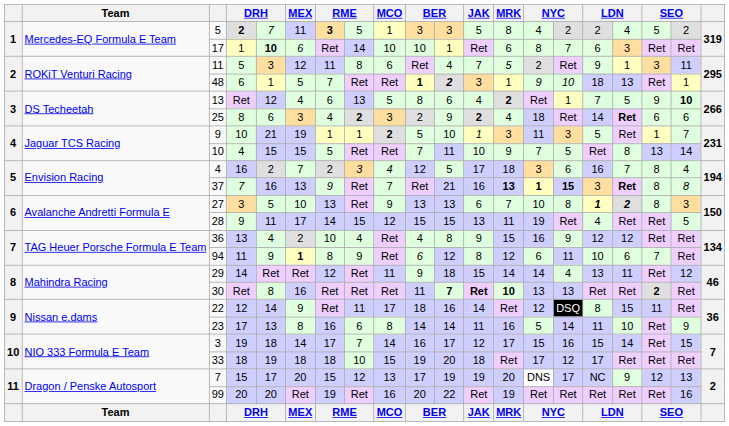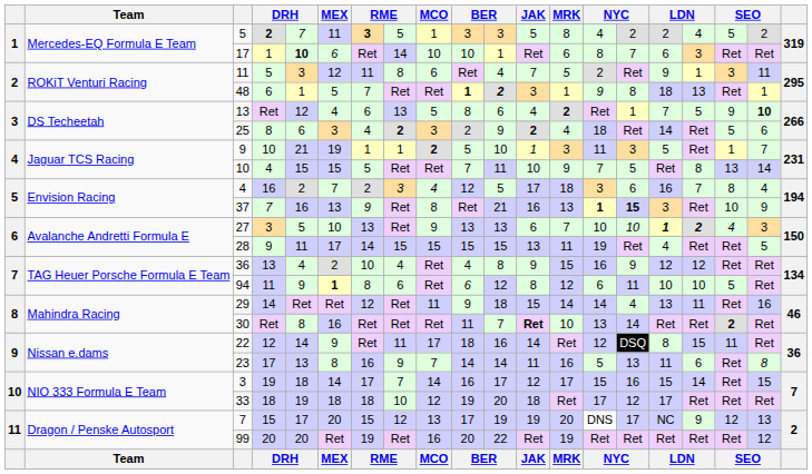 <table class="wikitable" style="font-size: 85%; text-align: center;">
 <tr>
 <th valign="middle"></th>
 <th valign="middle">Team</th>
 <th></th>
 <th colspan="2" scope="col"><a href='#'>DRH</a><br></th>
 <th><a href='#'>MEX</a><br></th>
 <th colspan="2" scope="col"><a href='#'>RME</a><br></th>
 <th><a href='#'>MCO</a><br></th>
 <th colspan="2" scope="col"><a href='#'>BER</a><br></th>
 <th><a href='#'>JAK</a><br></th>
 <th><a href='#'>MRK</a><br></th>
 <th colspan="2" scope="col"><a href='#'>NYC</a><br></th>
 <th colspan="2" scope="col"><a href='#'>LDN</a><br></th>
 <th colspan="2"><a href='#'>SEO</a><br></th>
 <th></th>
 </tr>
 <tr>
 <th rowspan="2">1</th>
 <td rowspan="2" align="left"> <a href='#'>Mercedes-EQ Formula E Team</a></td>
 <td>5</td>
 <td width="30px" bgcolor="#DFDFDF"><strong>2</strong></td>
 <td width="30px" bgcolor="#DFFFDF"><em>7</em></td>
 <td width="30px" bgcolor="#CFCFFF">11</td>
 <td width="30px" bgcolor="#FFDF9F"><strong>3</strong></td>
 <td width="30px" bgcolor="#DFFFDF">5</td>
 <td width="30px" bgcolor="#FFFFBF">1</td>
 <td width="30px" bgcolor="#FFDF9F">3</td>
 <td width="30px" bgcolor="#FFDF9F">3</td>
 <td width="30px" bgcolor="#DFFFDF">5</td>
 <td width="30px" bgcolor="#DFFFDF">8</td>
 <td width="30px" bgcolor="#DFFFDF">4</td>
 <td width="30px" bgcolor="#DFDFDF">2</td>
 <td width="30px" bgcolor="#DFDFDF">2</td>
 <td width="30px" bgcolor="#DFFFDF">4</td>
 <td width="30px" bgcolor="#DFFFDF">5</td>
 <td width="30px" bgcolor="#DFDFDF">2</td>
 <th rowspan="2">319</th>
 </tr>
 <tr>
 <td>17</td>
 <td bgcolor="#FFFFBF">1</td>
 <td bgcolor="#DFFFDF"><strong>10</strong></td>
 <td bgcolor="#DFFFDF"><em>6</em></td>
 <td bgcolor="#EFCFFF">Ret</td>
 <td bgcolor="#CFCFFF">14</td>
 <td bgcolor="#DFFFDF">10</td>
 <td bgcolor="#DFFFDF">10</td>
 <td bgcolor="#FFFFBF">1</td>
 <td bgcolor="#EFCFFF">Ret</td>
 <td bgcolor="#DFFFDF">6</td>
 <td bgcolor="#DFFFDF">8</td>
 <td bgcolor="#DFFFDF">7</td>
 <td bgcolor="#DFFFDF">6</td>
 <td bgcolor="#FFDF9F">3</td>
 <td bgcolor="#EFCFFF">Ret</td>
 <td bgcolor="#EFCFFF">Ret</td>
 </tr>
 <tr>
 <th rowspan="2">2</th>
 <td rowspan="2" align="left"> <a href='#'>ROKiT Venturi Racing</a></td>
 <td>11</td>
 <td bgcolor="#DFFFDF">5</td>
 <td bgcolor="#FFDF9F">3</td>
 <td bgcolor="#CFCFFF">12</td>
 <td bgcolor="#CFCFFF">11</td>
 <td bgcolor="#DFFFDF">8</td>
 <td bgcolor="#DFFFDF">6</td>
 <td bgcolor="#EFCFFF">Ret</td>
 <td bgcolor="#DFFFDF">4</td>
 <td bgcolor="#DFFFDF">7</td>
 <td bgcolor="#DFFFDF"><em>5</em></td>
 <td bgcolor="#DFDFDF">2</td>
 <td bgcolor="#EFCFFF">Ret</td>
 <td bgcolor="#DFFFDF">9</td>
 <td bgcolor="#FFFFBF">1</td>
 <td bgcolor="#FFDF9F">3</td>
 <td bgcolor="#CFCFFF">11</td>
 <th rowspan="2">295</th>
 </tr>
 <tr>
 <td>48</td>
 <td bgcolor="#DFFFDF">6</td>
 <td bgcolor="#FFFFBF">1</td>
 <td bgcolor="#DFFFDF">5</td>
 <td bgcolor="#DFFFDF">7</td>
 <td bgcolor="#EFCFFF">Ret</td>
 <td bgcolor="#EFCFFF">Ret</td>
 <td bgcolor="#FFFFBF"><strong>1</strong></td>
 <td bgcolor="#DFDFDF"><strong><em>2</em></strong></td>
 <td bgcolor="#FFDF9F">3</td>
 <td bgcolor="#FFFFBF">1</td>
 <td bgcolor="#DFFFDF"><em>9</em></td>
-<td bgcolor="#DFFFDF"><em>10</em></td>
+<td bgcolor="#DFFFDF">8</td>
 <td bgcolor="#CFCFFF">18</td>
 <td bgcolor="#CFCFFF">13</td>
 <td bgcolor="#EFCFFF">Ret</td>
 <td bgcolor="#FFFFBF">1</td>
 </tr>
 <tr>
 <th rowspan="2">3</th>
 <td rowspan="2" align="left"> <a href='#'>DS Techeetah</a></td>
 <td>13</td>
 <td bgcolor="#EFCFFF">Ret</td>
 <td bgcolor="#CFCFFF">12</td>
 <td bgcolor="#DFFFDF">4</td>
 <td bgcolor="#DFFFDF">6</td>
 <td bgcolor="#CFCFFF">13</td>
 <td bgcolor="#DFFFDF">5</td>
 <td bgcolor="#DFFFDF">8</td>
 <td bgcolor="#DFFFDF">6</td>
 <td bgcolor="#DFFFDF">4</td>
 <td bgcolor="#DFDFDF"><strong>2</strong></td>
 <td bgcolor="#EFCFFF">Ret</td>
 <td bgcolor="#FFFFBF">1</td>
 <td bgcolor="#DFFFDF">7</td>
 <td bgcolor="#DFFFDF">5</td>
 <td bgcolor="#DFFFDF">9</td>
 <td bgcolor="#DFFFDF"><strong>10</strong></td>
 <th rowspan="2">266</th>
 </tr>
 <tr>
 <td>25</td>
 <td bgcolor="#DFFFDF">8</td>
 <td bgcolor="#DFFFDF">6</td>
 <td bgcolor="#FFDF9F">3</td>
 <td bgcolor="#DFFFDF">4</td>
 <td bgcolor="#DFDFDF"><strong>2</strong></td>
 <td bgcolor="#FFDF9F">3</td>
 <td bgcolor="#DFDFDF">2</td>
 <td bgcolor="#DFFFDF">9</td>
 <td bgcolor="#DFDFDF"><strong>2</strong></td>
 <td bgcolor="#DFFFDF">4</td>
 <td bgcolor="#CFCFFF">18</td>
 <td bgcolor="#EFCFFF">Ret</td>
 <td bgcolor="#CFCFFF">14</td>
-<td bgcolor="#EFCFFF"><strong>Ret</strong></td>
-<td bgcolor="#DFFFDF">6</td>
+<td bgcolor="#EFCFFF">Ret</td>
+<td width="30px" bgcolor="#DFFFDF">5</td>
 <td bgcolor="#DFFFDF">6</td>
 </tr>
 <tr>
 <th rowspan="2">4</th>
 <td rowspan="2" align="left"> <a href='#'>Jaguar TCS Racing</a></td>
 <td>9</td>
 <td bgcolor="#DFFFDF">10</td>
 <td bgcolor="#CFCFFF">21</td>
 <td bgcolor="#CFCFFF">19</td>
 <td bgcolor="#FFFFBF">1</td>
 <td bgcolor="#FFFFBF">1</td>
 <td bgcolor="#DFDFDF"><strong>2</strong></td>
 <td bgcolor="#DFFFDF">5</td>
 <td bgcolor="#DFFFDF">10</td>
 <td bgcolor="#FFFFBF"><em>1</em></td>
 <td bgcolor="#FFDF9F">3</td>
 <td bgcolor="#CFCFFF">11</td>
 <td bgcolor="#FFDF9F">3</td>
 <td bgcolor="#DFFFDF">5</td>
 <td bgcolor="#EFCFFF">Ret</td>
 <td bgcolor="#FFFFBF">1</td>
 <td bgcolor="#DFFFDF">7</td>
 <th rowspan="2">231</th>
 </tr>
 <tr>
 <td>10</td>
 <td bgcolor="#DFFFDF">4</td>
 <td bgcolor="#CFCFFF">15</td>
 <td bgcolor="#CFCFFF">15</td>
 <td bgcolor="#DFFFDF">5</td>
 <td bgcolor="#EFCFFF">Ret</td>
 <td bgcolor="#EFCFFF">Ret</td>
 <td bgcolor="#DFFFDF">7</td>
 <td bgcolor="#CFCFFF">11</td>
 <td bgcolor="#DFFFDF">10</td>
 <td bgcolor="#DFFFDF">9</td>
 <td bgcolor="#DFFFDF">7</td>
 <td bgcolor="#DFFFDF">5</td>
 <td bgcolor="#EFCFFF">Ret</td>
 <td bgcolor="#DFFFDF">8</td>
 <td bgcolor="#CFCFFF">13</td>
 <td bgcolor="#CFCFFF">14</td>
 </tr>
 <tr>
 <th rowspan="2">5</th>
 <td rowspan="2" align="left"> <a href='#'>Envision Racing</a></td>
 <td>4</td>
 <td bgcolor="#CFCFFF">16</td>
 <td bgcolor="#DFDFDF">2</td>
 <td bgcolor="#DFFFDF">7</td>
 <td bgcolor="#DFDFDF">2</td>
 <td bgcolor="#FFDF9F"><em>3</em></td>
 <td bgcolor="#DFFFDF"><em>4</em></td>
 <td bgcolor="#CFCFFF">12</td>
 <td bgcolor="#DFFFDF">5</td>
 <td bgcolor="#CFCFFF">17</td>
 <td bgcolor="#CFCFFF">18</td>
 <td bgcolor="#ffdf9f">3</td>
 <td bgcolor="#DFFFDF">6</td>
 <td bgcolor="#CFCFFF">16</td>
 <td bgcolor="#DFFFDF">7</td>
 <td bgcolor="#DFFFDF">8</td>
 <td bgcolor="#DFFFDF">4</td>
 <th rowspan="2">194</th>
 </tr>
 <tr>
 <td>37</td>
 <td bgcolor="#DFFFDF"><em>7</em></td>
 <td bgcolor="#CFCFFF">16</td>
 <td bgcolor="#CFCFFF">13</td>
 <td bgcolor="#DFFFDF"><em>9</em></td>
 <td bgcolor="#EFCFFF">Ret</td>
-<td bgcolor="#DFFFDF">7</td>
+<td bgcolor="#DFFFDF">8</td>
 <td bgcolor="#EFCFFF">Ret</td>
 <td bgcolor="#CFCFFF">21</td>
 <td bgcolor="#CFCFFF">16</td>
-<td bgcolor="#CFCFFF"><strong>13</strong></td>
+<td bgcolor="#CFCFFF">13</td>
 <td bgcolor="#FFFFBF"><strong>1</strong></td>
 <td bgcolor="#CFCFFF"><strong>15</strong></td>
 <td bgcolor="#ffdf9f">3</td>
-<td bgcolor="#EFCFFF"><strong>Ret</strong></td>
-<td bgcolor="#DFFFDF">8</td>
-<td bgcolor="#DFFFDF"><em>8</em></td>
+<td bgcolor="#EFCFFF">Ret</td>
+<td bgcolor="#DFFFDF">10</td>
+<td bgcolor="#DFFFDF">9</td>
 </tr>
 <tr>
 <th rowspan="2">6</th>
 <td rowspan="2" align="left"> <a href='#'>Avalanche Andretti Formula E</a></td>
 <td>27</td>
 <td bgcolor="#FFDF9F">3</td>
 <td bgcolor="#DFFFDF">5</td>
 <td bgcolor="#DFFFDF">10</td>
 <td bgcolor="#CFCFFF">13</td>
 <td bgcolor="#EFCFFF">Ret</td>
 <td bgcolor="#DFFFDF">9</td>
 <td bgcolor="#CFCFFF">13</td>
 <td bgcolor="#CFCFFF">13</td>
 <td bgcolor="#DFFFDF">6</td>
 <td bgcolor="#DFFFDF">7</td>
 <td bgcolor="#DFFFDF">10</td>
-<td bgcolor="#DFFFDF">8</td>
+<td bgcolor="#DFFFDF"><em>10</em></td>
 <td bgcolor="#FFFFBF"><strong><em>1</em></strong></td>
 <td bgcolor="#DFDFDF"><strong><em>2</em></strong></td>
-<td bgcolor="#DFFFDF">8</td>
+<td bgcolor="#DFFFDF"><em>4</em></td>
 <td bgcolor="#FFDF9F">3</td>
 <th rowspan="2">150</th>
 </tr>
 <tr>
 <td>28</td>
 <td bgcolor="#DFFFDF">9</td>
 <td bgcolor="#CFCFFF">11</td>
 <td bgcolor="#CFCFFF">17</td>
 <td bgcolor="#CFCFFF">14</td>
 <td bgcolor="#CFCFFF">15</td>
-<td bgcolor="#CFCFFF">12</td>
+<td bgcolor="#CFCFFF">15</td>
 <td bgcolor="#CFCFFF">15</td>
 <td bgcolor="#CFCFFF">15</td>
 <td bgcolor="#CFCFFF">13</td>
 <td bgcolor="#CFCFFF">11</td>
 <td bgcolor="#CFCFFF">19</td>
 <td bgcolor="#EFCFFF">Ret</td>
 <td bgcolor="#DFFFDF">4</td>
 <td bgcolor="#EFCFFF">Ret</td>
 <td bgcolor="#EFCFFF">Ret</td>
 <td bgcolor="#DFFFDF">5</td>
 </tr>
 <tr>
 <th rowspan="2">7</th>
 <td rowspan="2" align="left"> <a href='#'>TAG Heuer Porsche Formula E Team</a></td>
 <td>36</td>
 <td bgcolor="#CFCFFF">13</td>
 <td bgcolor="#DFFFDF">4</td>
 <td bgcolor="#DFDFDF">2</td>
 <td bgcolor="#DFFFDF">10</td>
 <td bgcolor="#DFFFDF">4</td>
 <td bgcolor="#EFCFFF">Ret</td>
 <td bgcolor="#DFFFDF">4</td>
 <td bgcolor="#DFFFDF">8</td>
 <td bgcolor="#DFFFDF">9</td>
 <td bgcolor="#CFCFFF">15</td>
 <td bgcolor="#CFCFFF">16</td>
 <td bgcolor="#DFFFDF">9</td>
 <td bgcolor="#CFCFFF">12</td>
 <td bgcolor="#CFCFFF">12</td>
 <td bgcolor="#EFCFFF">Ret</td>
 <td bgcolor="#EFCFFF">Ret</td>
 <th rowspan="2">134</th>
 </tr>
 <tr>
 <td>94</td>
 <td bgcolor="#CFCFFF">11</td>
 <td bgcolor="#DFFFDF">9</td>
 <td bgcolor="#FFFFBF"><strong>1</strong></td>
 <td bgcolor="#DFFFDF">8</td>
-<td bgcolor="#DFFFDF">9</td>
+<td bgcolor="#DFFFDF">6</td>
 <td bgcolor="#EFCFFF">Ret</td>
 <td bgcolor="#DFFFDF"><em>6</em></td>
 <td bgcolor="#CFCFFF">12</td>
 <td bgcolor="#DFFFDF">8</td>
 <td bgcolor="#CFCFFF">12</td>
 <td bgcolor="#DFFFDF">6</td>
 <td bgcolor="#CFCFFF">11</td>
 <td bgcolor="#DFFFDF">10</td>
-<td bgcolor="#DFFFDF">6</td>
-<td bgcolor="#DFFFDF">7</td>
+<td bgcolor="#DFFFDF">10</td>
+<td width="30px" bgcolor="#DFFFDF">5</td>
 <td bgcolor="#EFCFFF">Ret</td>
 </tr>
 <tr>
 <th rowspan="2">8</th>
 <td rowspan="2" align="left"> <a href='#'>Mahindra Racing</a></td>
 <td>29</td>
 <td bgcolor="#CFCFFF">14</td>
 <td bgcolor="#EFCFFF">Ret</td>
 <td bgcolor="#EFCFFF">Ret</td>
 <td bgcolor="#CFCFFF">12</td>
 <td bgcolor="#EFCFFF">Ret</td>
 <td bgcolor="#CFCFFF">11</td>
 <td bgcolor="#DFFFDF">9</td>
 <td bgcolor="#CFCFFF">18</td>
 <td bgcolor="#CFCFFF">15</td>
 <td bgcolor="#CFCFFF">14</td>
 <td bgcolor="#CFCFFF">14</td>
 <td bgcolor="#DFFFDF">4</td>
 <td bgcolor="#CFCFFF">13</td>
 <td bgcolor="#CFCFFF">11</td>
 <td bgcolor="#EFCFFF">Ret</td>
-<td bgcolor="#CFCFFF">12</td>
+<td bgcolor="#CFCFFF">16</td>
 <th rowspan="2">46</th>
 </tr>
 <tr>
 <td>30</td>
 <td bgcolor="#EFCFFF">Ret</td>
 <td bgcolor="#DFFFDF">8</td>
 <td bgcolor="#CFCFFF">16</td>
 <td bgcolor="#EFCFFF">Ret</td>
 <td bgcolor="#EFCFFF">Ret</td>
 <td bgcolor="#EFCFFF">Ret</td>
 <td bgcolor="#CFCFFF">11</td>
-<td bgcolor="#DFFFDF"><strong>7</strong></td>
+<td bgcolor="#DFFFDF">7</td>
 <td bgcolor="#EFCFFF"><strong>Ret</strong></td>
-<td bgcolor="#DFFFDF"><strong>10</strong></td>
+<td bgcolor="#DFFFDF">10</td>
 <td bgcolor="#CFCFFF">13</td>
-<td bgcolor="#CFCFFF">13</td>
+<td bgcolor="#CFCFFF">14</td>
 <td bgcolor="#EFCFFF">Ret</td>
 <td bgcolor="#EFCFFF">Ret</td>
 <td bgcolor="#DFDFDF"><strong>2</strong></td>
 <td bgcolor="#EFCFFF">Ret</td>
 </tr>
 <tr>
 <th rowspan="2">9</th>
 <td rowspan="2" align="left"> <a href='#'>Nissan e.dams</a></td>
 <td>22</td>
 <td bgcolor="#CFCFFF">12</td>
 <td bgcolor="#CFCFFF">14</td>
 <td bgcolor="#DFFFDF">9</td>
 <td bgcolor="#EFCFFF">Ret</td>
 <td bgcolor="#CFCFFF">11</td>
 <td bgcolor="#CFCFFF">17</td>
 <td bgcolor="#CFCFFF">18</td>
 <td bgcolor="#CFCFFF">16</td>
 <td bgcolor="#CFCFFF">14</td>
 <td bgcolor="#EFCFFF">Ret</td>
 <td bgcolor="#CFCFFF">12</td>
 <td style="background:#000000; letter-spacing:0px; color:white">DSQ</td>
 <td bgcolor="#DFFFDF">8</td>
 <td bgcolor="#CFCFFF">15</td>
 <td bgcolor="#CFCFFF">11</td>
 <td bgcolor="#EFCFFF">Ret</td>
 <th rowspan="2">36</th>
 </tr>
 <tr>
 <td>23</td>
 <td bgcolor="#CFCFFF">17</td>
 <td bgcolor="#CFCFFF">13</td>
 <td bgcolor="#DFFFDF">8</td>
 <td bgcolor="#CFCFFF">16</td>
-<td bgcolor="#DFFFDF">6</td>
-<td bgcolor="#DFFFDF">8</td>
+<td bgcolor="#DFFFDF">9</td>
+<td bgcolor="#DFFFDF">7</td>
 <td bgcolor="#CFCFFF">14</td>
 <td bgcolor="#CFCFFF">14</td>
 <td bgcolor="#CFCFFF">11</td>
 <td bgcolor="#CFCFFF">16</td>
 <td bgcolor="#DFFFDF">5</td>
-<td bgcolor="#CFCFFF">14</td>
+<td bgcolor="#CFCFFF">13</td>
 <td bgcolor="#CFCFFF">11</td>
-<td bgcolor="#DFFFDF">10</td>
+<td bgcolor="#DFFFDF">6</td>
 <td bgcolor="#EFCFFF">Ret</td>
-<td bgcolor="#DFFFDF">9</td>
+<td bgcolor="#DFFFDF"><em>8</em></td>
 </tr>
 <tr>
 <th rowspan="2">10</th>
 <td rowspan="2" align="left"> <a href='#'>NIO 333 Formula E Team</a></td>
 <td>3</td>
 <td bgcolor="#CFCFFF">19</td>
 <td bgcolor="#CFCFFF">18</td>
 <td bgcolor="#CFCFFF">14</td>
 <td bgcolor="#CFCFFF">17</td>
 <td bgcolor="#DFFFDF">7</td>
 <td bgcolor="#CFCFFF">14</td>
 <td bgcolor="#CFCFFF">16</td>
 <td bgcolor="#CFCFFF">17</td>
 <td bgcolor="#CFCFFF">12</td>
 <td bgcolor="#CFCFFF">17</td>
 <td bgcolor="#CFCFFF">15</td>
 <td bgcolor="#CFCFFF">16</td>
 <td bgcolor="#CFCFFF">15</td>
 <td bgcolor="#CFCFFF">14</td>
 <td bgcolor="#EFCFFF">Ret</td>
 <td bgcolor="#CFCFFF">15</td>
 <th rowspan="2">7</th>
 </tr>
 <tr>
 <td>33</td>
 <td bgcolor="#CFCFFF">18</td>
 <td bgcolor="#CFCFFF">19</td>
 <td bgcolor="#CFCFFF">18</td>
 <td bgcolor="#CFCFFF">18</td>
 <td bgcolor="#DFFFDF">10</td>
-<td bgcolor="#CFCFFF">15</td>
+<td bgcolor="#CFCFFF">12</td>
 <td bgcolor="#CFCFFF">19</td>
 <td bgcolor="#CFCFFF">20</td>
 <td bgcolor="#CFCFFF">18</td>
 <td bgcolor="#EFCFFF">Ret</td>
 <td bgcolor="#CFCFFF">17</td>
 <td bgcolor="#CFCFFF">12</td>
 <td bgcolor="#CFCFFF">17</td>
 <td bgcolor="#EFCFFF">Ret</td>
 <td bgcolor="#EFCFFF">Ret</td>
 <td bgcolor="#EFCFFF">Ret</td>
 </tr>
 <tr>
 <th rowspan="2">11</th>
 <td rowspan="2" align="left"> <a href='#'>Dragon / Penske Autosport</a></td>
 <td>7</td>
 <td bgcolor="#CFCFFF">15</td>
 <td bgcolor="#CFCFFF">17</td>
 <td bgcolor="#CFCFFF">20</td>
 <td bgcolor="#CFCFFF">15</td>
 <td bgcolor="#CFCFFF">12</td>
 <td bgcolor="#CFCFFF">13</td>
 <td bgcolor="#CFCFFF">17</td>
 <td bgcolor="#CFCFFF">19</td>
 <td bgcolor="#CFCFFF">19</td>
 <td bgcolor="#CFCFFF">20</td>
 <td bgcolor="#FFFFFF">DNS</td>
 <td bgcolor="#CFCFFF">17</td>
 <td bgcolor="#CFCFFF">NC</td>
 <td bgcolor="#DFFFDF">9</td>
 <td bgcolor="#CFCFFF">12</td>
 <td bgcolor="#CFCFFF">13</td>
 <th rowspan="2">2</th>
 </tr>
 <tr>
 <td>99</td>
 <td bgcolor="#CFCFFF">20</td>
 <td bgcolor="#CFCFFF">20</td>
 <td bgcolor="#EFCFFF">Ret</td>
 <td bgcolor="#CFCFFF">19</td>
 <td bgcolor="#EFCFFF">Ret</td>
 <td bgcolor="#CFCFFF">16</td>
 <td bgcolor="#CFCFFF">20</td>
 <td bgcolor="#CFCFFF">22</td>
 <td bgcolor="#EFCFFF">Ret</td>
 <td bgcolor="#CFCFFF">19</td>
 <td bgcolor="#EFCFFF">Ret</td>
 <td bgcolor="#EFCFFF">Ret</td>
 <td bgcolor="#EFCFFF">Ret</td>
 <td bgcolor="#EFCFFF">Ret</td>
 <td bgcolor="#EFCFFF">Ret</td>
-<td bgcolor="#CFCFFF">16</td>
+<td bgcolor="#CFCFFF">12</td>
 </tr>
 <tr style="background:#f9f9f9; vertical-align:top;">
 <th valign="middle"></th>
 <th valign="middle">Team</th>
 <th></th>
 <th colspan="2" scope="col"><a href='#'>DRH</a><br></th>
 <th><a href='#'>MEX</a><br></th>
 <th colspan="2" scope="col"><a href='#'>RME</a><br></th>
 <th><a href='#'>MCO</a><br></th>
 <th colspan="2" scope="col"><a href='#'>BER</a><br></th>
 <th><a href='#'>JAK</a><br></th>
 <th><a href='#'>MRK</a><br></th>
 <th colspan="2" scope="col"><a href='#'>NYC</a><br></th>
 <th colspan="2" scope="col"><a href='#'>LDN</a><br></th>
 <th colspan="2"><a href='#'>SEO</a><br></th>
 <th></th>
 </tr>
 </table>
